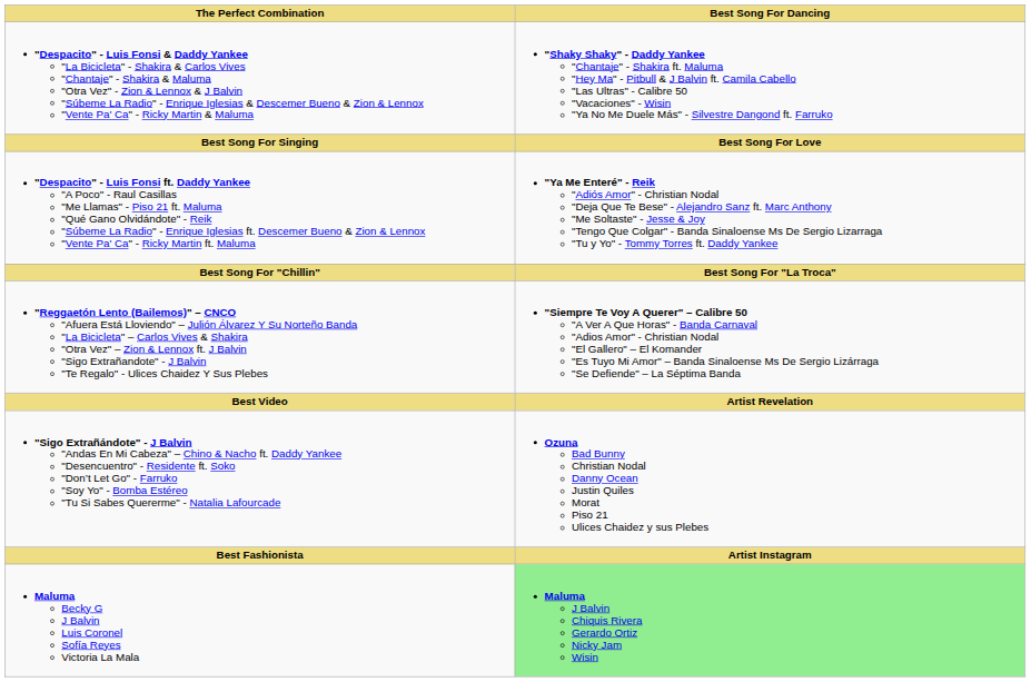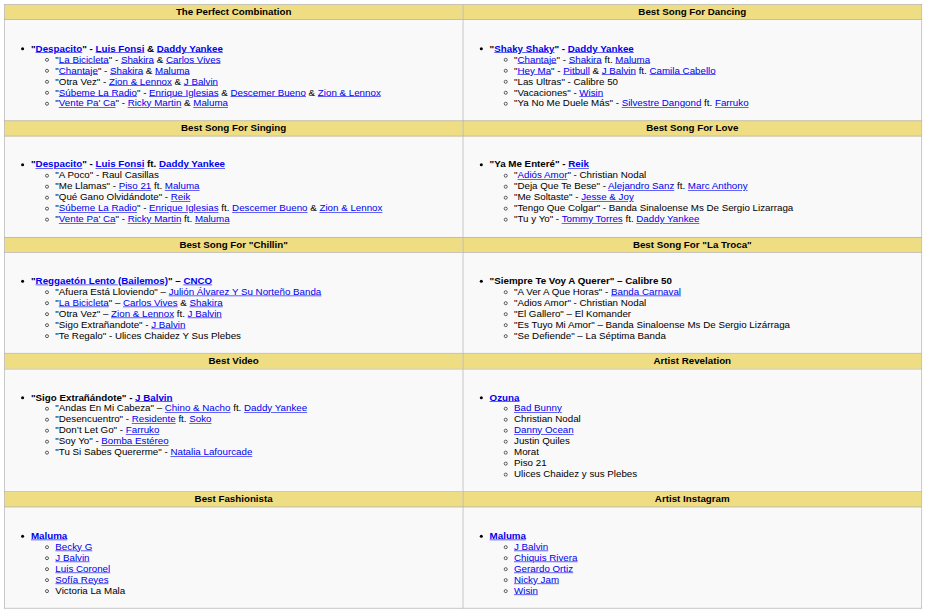 <table class=wikitable width="95%">
 <tr>
 <th style="background:#EEDD82;" ! width="50%">The Perfect Combination</th>
 <th style="background:#EEDD82;" ! width="50%">Best Song For Dancing</th>
 </tr>
 <tr>
 <td valign="top"><br><ul><li><strong>"<a href='#'>Despacito</a>" - <a href='#'>Luis Fonsi</a> & <a href='#'>Daddy Yankee</a></strong><ul><li>"<a href='#'>La Bicicleta</a>" - <a href='#'>Shakira</a> & <a href='#'>Carlos Vives</a></li><li>"<a href='#'>Chantaje</a>" - <a href='#'>Shakira</a> & <a href='#'>Maluma</a></li><li>"Otra Vez" - <a href='#'>Zion & Lennox</a> & <a href='#'>J Balvin</a></li><li>"<a href='#'>Súbeme La Radio</a>" - <a href='#'>Enrique Iglesias</a> & <a href='#'>Descemer Bueno</a> & <a href='#'>Zion & Lennox</a></li><li>"<a href='#'>Vente Pa' Ca</a>" - <a href='#'>Ricky Martin</a> & <a href='#'>Maluma</a></li></ul></li></ul></td>
 <td valign="top"><br><ul><li><strong>"<a href='#'>Shaky Shaky</a>" - <a href='#'>Daddy Yankee</a></strong><ul><li>"<a href='#'>Chantaje</a>" - <a href='#'>Shakira</a> ft. <a href='#'>Maluma</a></li><li>"<a href='#'>Hey Ma</a>" - <a href='#'>Pitbull</a> & <a href='#'>J Balvin</a> ft. <a href='#'>Camila Cabello</a></li><li>"Las Ultras" - Calibre 50</li><li>"Vacaciones" - <a href='#'>Wisin</a></li><li>"Ya No Me Duele Más" - <a href='#'>Silvestre Dangond</a> ft. <a href='#'>Farruko</a></li></ul></li></ul></td>
 </tr>
 <tr>
 <th style="background:#EEDD82;" ! width="50%">Best Song For Singing</th>
 <th style="background:#EEDD82;" ! width="50%">Best Song For Love</th>
 </tr>
 <tr>
 <td valign="top"><br><ul><li><strong>"<a href='#'>Despacito</a>" - <a href='#'>Luis Fonsi</a> ft. <a href='#'>Daddy Yankee</a></strong><ul><li>"A Poco" - Raul Casillas</li><li>"Me Llamas" - <a href='#'>Piso 21</a> ft. <a href='#'>Maluma</a></li><li>"Qué Gano Olvidándote" - <a href='#'>Reik</a></li><li>"<a href='#'>Súbeme La Radio</a>" - <a href='#'>Enrique Iglesias</a> ft. <a href='#'>Descemer Bueno</a> & <a href='#'>Zion & Lennox</a></li><li>"<a href='#'>Vente Pa' Ca</a>" - <a href='#'>Ricky Martin</a> ft. <a href='#'>Maluma</a></li></ul></li></ul></td>
 <td valign="top"><br><ul><li><strong>"Ya Me Enteré" - <a href='#'>Reik</a></strong><ul><li>"<a href='#'>Adiós Amor</a>" -  Christian Nodal</li><li>"Deja Que Te Bese" - <a href='#'>Alejandro Sanz</a> ft. <a href='#'>Marc Anthony</a></li><li>"Me Soltaste" - <a href='#'>Jesse & Joy</a></li><li>"Tengo Que Colgar" - Banda Sinaloense Ms De Sergio Lizarraga</li><li>"Tu y Yo" - <a href='#'>Tommy Torres</a> ft. <a href='#'>Daddy Yankee</a></li></ul></li></ul></td>
 </tr>
 <tr>
 <th style="background:#EEDD82;" ! width="50%">Best Song For "Chillin"</th>
 <th style="background:#EEDD82;" ! width="50%">Best Song For "La Troca"</th>
 </tr>
 <tr>
 <td valign="top"><br><ul><li><strong>"<a href='#'>Reggaetón Lento (Bailemos)</a>" – <a href='#'>CNCO</a></strong><ul><li>"Afuera Está Lloviendo" – <a href='#'>Julión Álvarez Y Su Norteño Banda</a></li><li>"<a href='#'>La Bicicleta</a>" – <a href='#'>Carlos Vives</a> & <a href='#'>Shakira</a></li><li>"Otra Vez" – <a href='#'>Zion & Lennox</a> ft. <a href='#'>J Balvin</a></li><li>"Sigo Extrañandote" - <a href='#'>J Balvin</a></li><li>"Te Regalo" - Ulices Chaidez Y Sus Plebes</li></ul></li></ul></td>
 <td valign="top"><br><ul><li><strong>"Siempre Te Voy A Querer" – Calibre 50</strong><ul><li>"A Ver A Que Horas" - <a href='#'>Banda Carnaval</a></li><li>"Adios Amor" - Christian Nodal</li><li>"El Gallero" – El Komander</li><li>"Es Tuyo Mi Amor" – Banda Sinaloense Ms De Sergio Lizárraga</li><li>"Se Defiende" – La Séptima Banda</li></ul></li></ul></td>
 </tr>
 <tr>
 <th style="background:#EEDD82;" ! width="50%">Best Video</th>
 <th style="background:#EEDD82;" ! width="50%">Artist Revelation</th>
 </tr>
 <tr>
 <td valign="top"><br><ul><li><strong>"Sigo Extrañándote" - <a href='#'>J Balvin</a></strong><ul><li>"Andas En Mi Cabeza" – <a href='#'>Chino & Nacho</a> ft. <a href='#'>Daddy Yankee</a></li><li>"Desencuentro" - <a href='#'>Residente</a> ft. <a href='#'>Soko</a></li><li>"Don’t Let Go" - <a href='#'>Farruko</a></li><li>"Soy Yo" - <a href='#'>Bomba Estéreo</a></li><li>"Tu Si Sabes Quererme" - <a href='#'>Natalia Lafourcade</a></li></ul></li></ul></td>
 <td valign="top"><br><ul><li><a href='#'><strong>Ozuna</strong></a><ul><li><a href='#'>Bad Bunny</a></li><li>Christian Nodal</li><li><a href='#'>Danny Ocean</a></li><li>Justin Quiles</li><li>Morat</li><li>Piso 21</li><li>Ulices Chaidez y sus Plebes</li></ul></li></ul></td>
 </tr>
 <tr>
 <th style="background:#EEDD82;" ! width="50%">Best Fashionista</th>
 <th style="background:#EEDD82;" ! width="50%">Artist Instagram</th>
 </tr>
 <tr>
 <td valign="top"><br><ul><li><strong><a href='#'>Maluma</a></strong><ul><li><a href='#'>Becky G</a></li><li><a href='#'>J Balvin</a></li><li><a href='#'>Luis Coronel</a></li><li><a href='#'>Sofía Reyes</a></li><li>Victoria La Mala</li></ul></li></ul></td>
-<td valign="top" style="background: lightgreen;"><br><ul><li><strong><a href='#'>Maluma</a></strong><ul><li><a href='#'>J Balvin</a></li><li><a href='#'>Chiquis Rivera</a></li><li><a href='#'>Gerardo Ortiz</a></li><li><a href='#'>Nicky Jam</a></li><li><a href='#'>Wisin</a></li></ul></li></ul></td>
+<td valign="top"><br><ul><li><strong><a href='#'>Maluma</a></strong><ul><li><a href='#'>J Balvin</a></li><li><a href='#'>Chiquis Rivera</a></li><li><a href='#'>Gerardo Ortiz</a></li><li><a href='#'>Nicky Jam</a></li><li><a href='#'>Wisin</a></li></ul></li></ul></td>
 </tr>
 </table>
